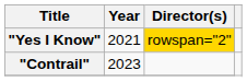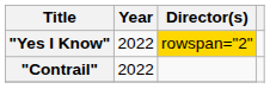 <table class="wikitable plainrowheaders">
 <tr>
 <th>Title</th>
 <th>Year</th>
 <th>Director(s)</th>
 <th></th>
 </tr>
 <tr>
 <th scope="row">"Yes I Know"</th>
-<td>2021</td>
+<td>2022</td>
 <td style="background: gold;">rowspan="2" </td>
 <td></td>
 </tr>
 <tr>
 <th scope="row">"Contrail"</th>
-<td>2023</td>
+<td>2022</td>
 <td></td>
 </tr>
 <tr>
 </tr>
 </table>
